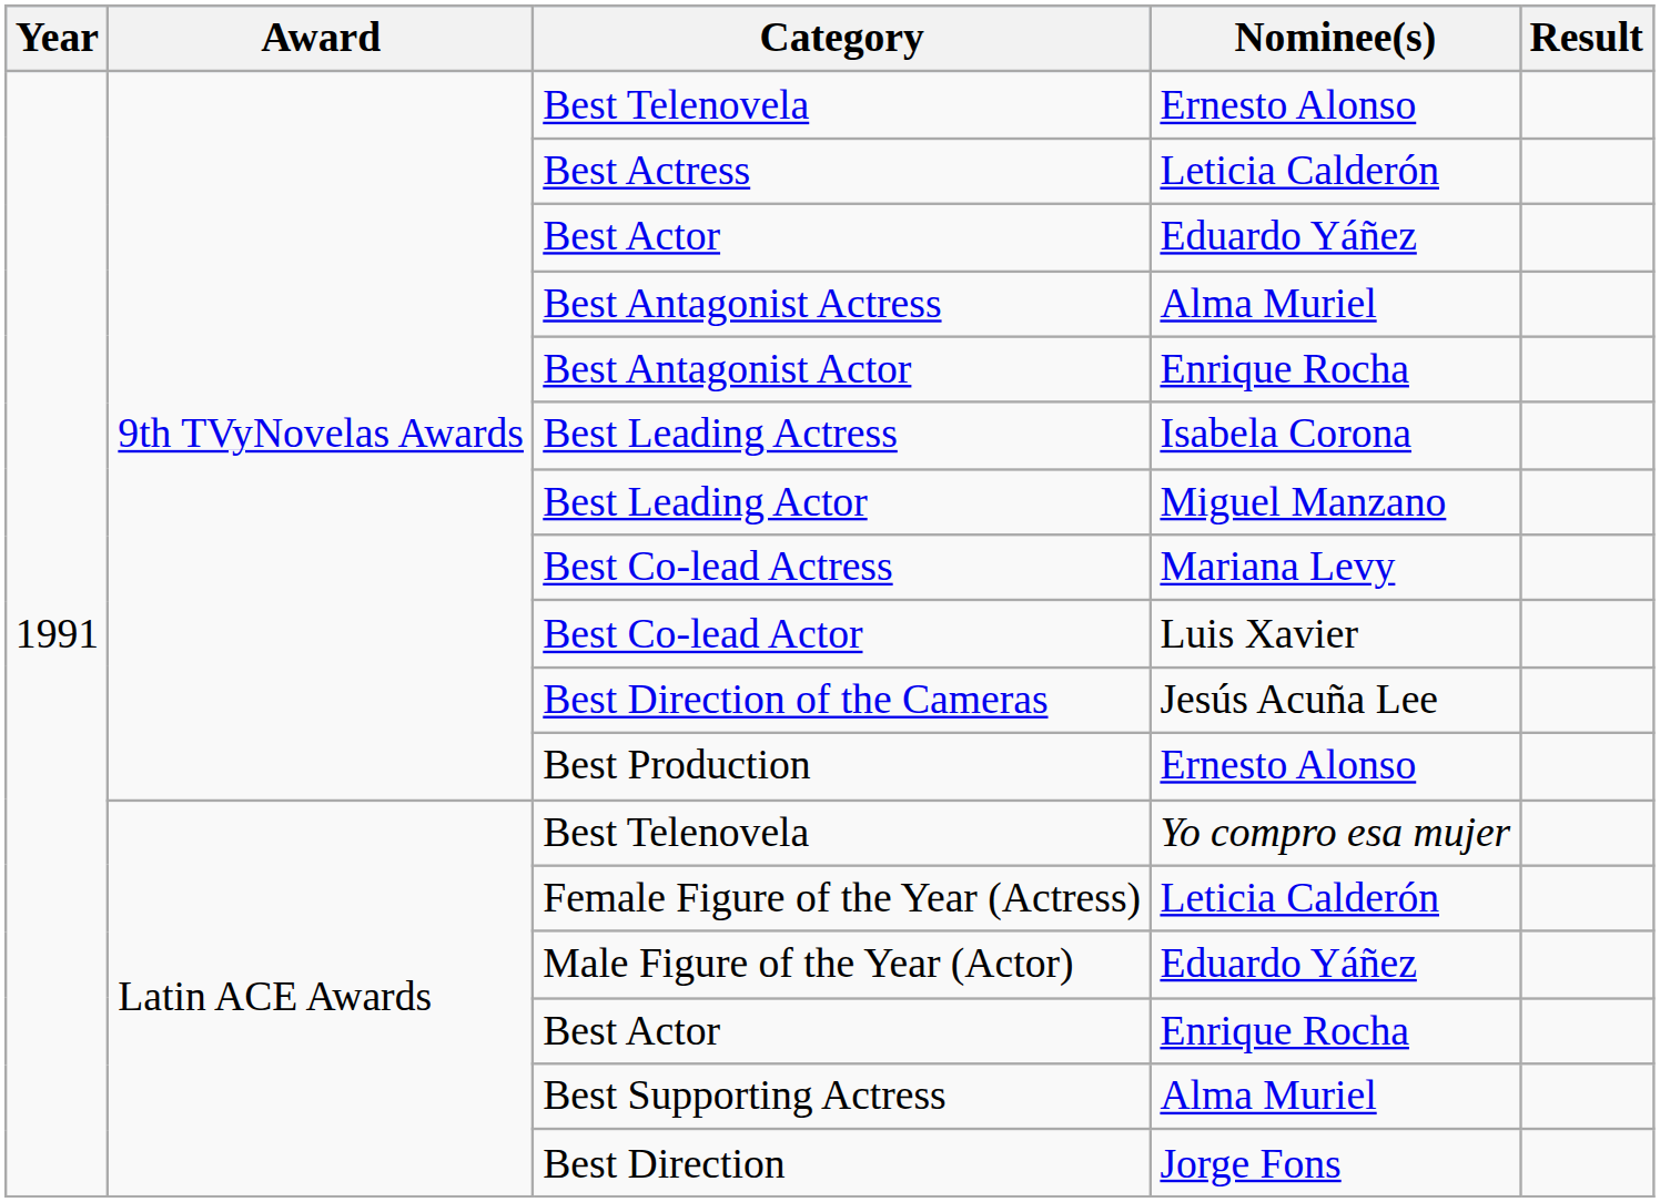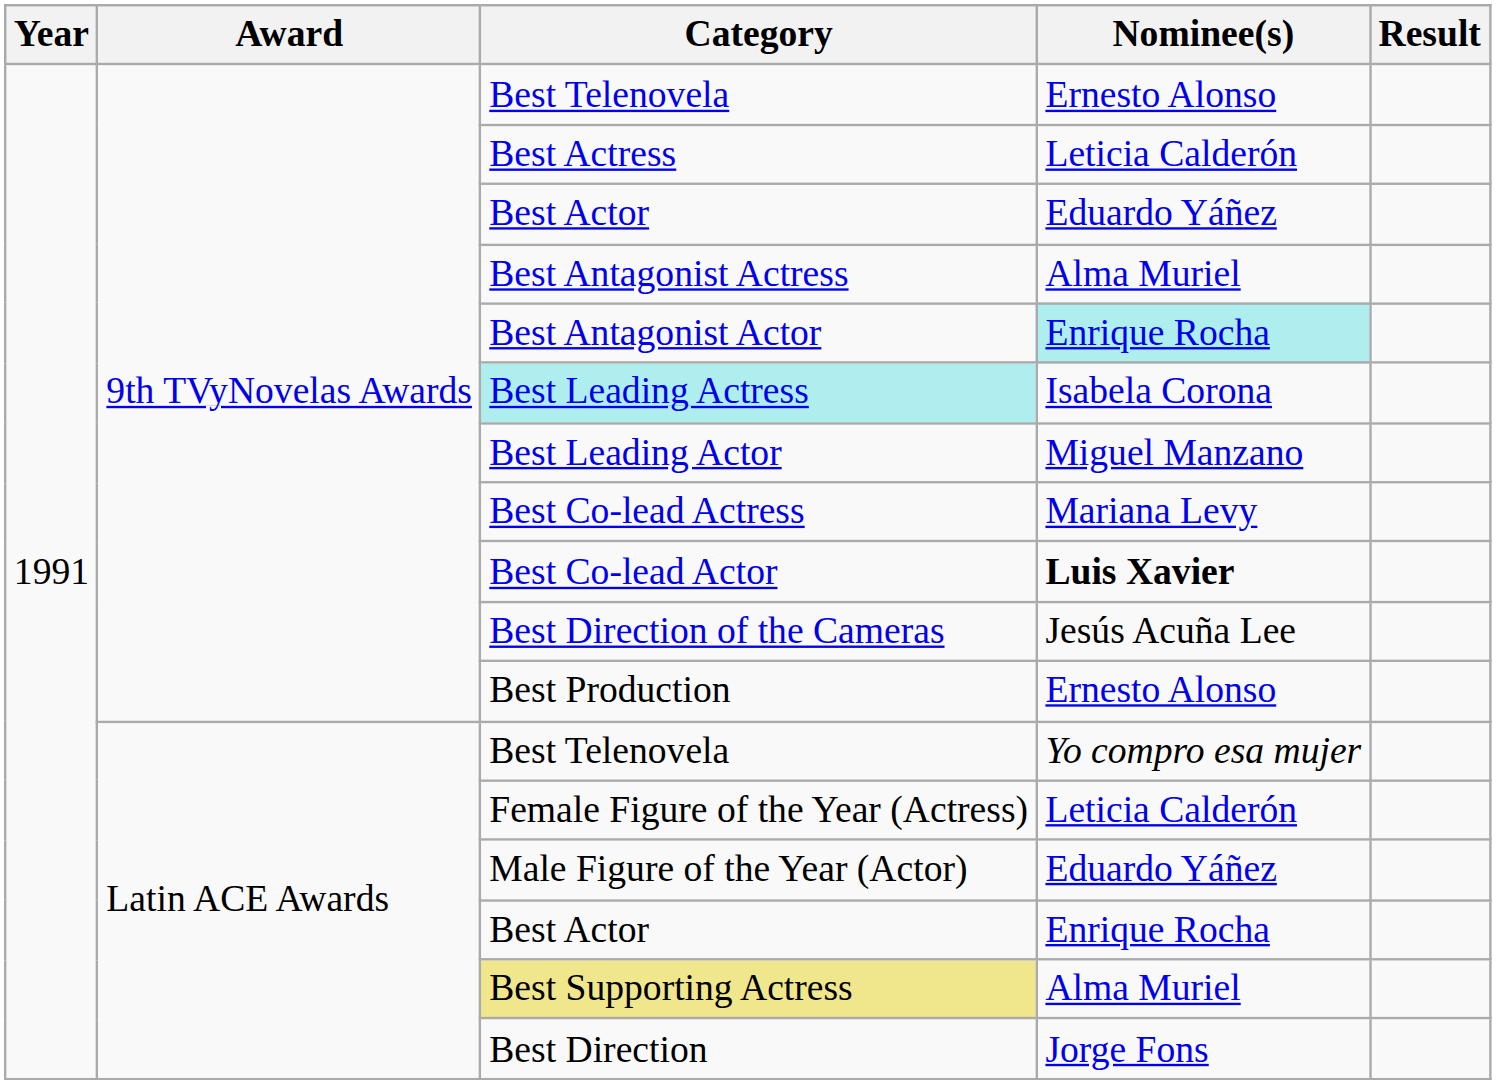 <table class="wikitable">
 <tr style="background:#b0c4de;">
 <th>Year</th>
 <th>Award</th>
 <th>Category</th>
 <th>Nominee(s)</th>
 <th>Result</th>
 </tr>
 <tr>
 <td rowspan=17>1991</td>
 <td rowspan=11><a href='#'>9th TVyNovelas Awards</a></td>
 <td><a href='#'>Best Telenovela</a></td>
 <td><a href='#'>Ernesto Alonso</a></td>
 <td></td>
 </tr>
 <tr>
 <td><a href='#'>Best Actress</a></td>
 <td><a href='#'>Leticia Calderón</a></td>
 <td></td>
 </tr>
 <tr>
 <td><a href='#'>Best Actor</a></td>
 <td><a href='#'>Eduardo Yáñez</a></td>
 <td></td>
 </tr>
 <tr>
 <td><a href='#'>Best Antagonist Actress</a></td>
 <td><a href='#'>Alma Muriel</a></td>
 <td></td>
 </tr>
 <tr>
 <td><a href='#'>Best Antagonist Actor</a></td>
-<td><a href='#'>Enrique Rocha</a></td>
+<td style="background: paleturquoise;"><a href='#'>Enrique Rocha</a></td>
 <td></td>
 </tr>
 <tr>
-<td><a href='#'>Best Leading Actress</a></td>
+<td style="background: paleturquoise;"><a href='#'>Best Leading Actress</a></td>
 <td><a href='#'>Isabela Corona</a></td>
 <td></td>
 </tr>
 <tr>
 <td><a href='#'>Best Leading Actor</a></td>
 <td><a href='#'>Miguel Manzano</a></td>
 <td></td>
 </tr>
 <tr>
 <td><a href='#'>Best Co-lead Actress</a></td>
 <td><a href='#'>Mariana Levy</a></td>
 <td></td>
 </tr>
 <tr>
 <td><a href='#'>Best Co-lead Actor</a></td>
-<td>Luis Xavier</td>
+<td><strong>Luis Xavier</strong></td>
 <td></td>
 </tr>
 <tr>
 <td><a href='#'>Best Direction of the Cameras</a></td>
 <td>Jesús Acuña Lee</td>
 <td></td>
 </tr>
 <tr>
 <td>Best Production</td>
 <td><a href='#'>Ernesto Alonso</a></td>
 <td></td>
 </tr>
 <tr>
 <td rowspan=6>Latin ACE Awards</td>
 <td>Best Telenovela</td>
 <td><em>Yo compro esa mujer</em></td>
 <td></td>
 </tr>
 <tr>
 <td>Female Figure of the Year (Actress)</td>
 <td><a href='#'>Leticia Calderón</a></td>
 <td></td>
 </tr>
 <tr>
 <td>Male Figure of the Year (Actor)</td>
 <td><a href='#'>Eduardo Yáñez</a></td>
 <td></td>
 </tr>
 <tr>
 <td>Best Actor</td>
 <td><a href='#'>Enrique Rocha</a></td>
 <td></td>
 </tr>
 <tr>
-<td>Best Supporting Actress</td>
+<td style="background: khaki;">Best Supporting Actress</td>
 <td><a href='#'>Alma Muriel</a></td>
 <td></td>
 </tr>
 <tr>
 <td>Best Direction</td>
 <td><a href='#'>Jorge Fons</a></td>
 <td></td>
 </tr>
 </table>
